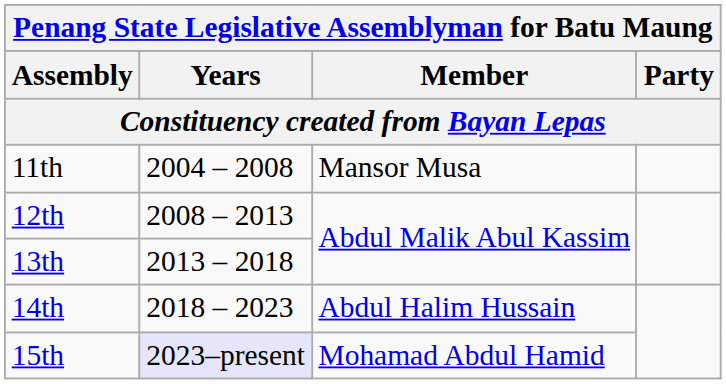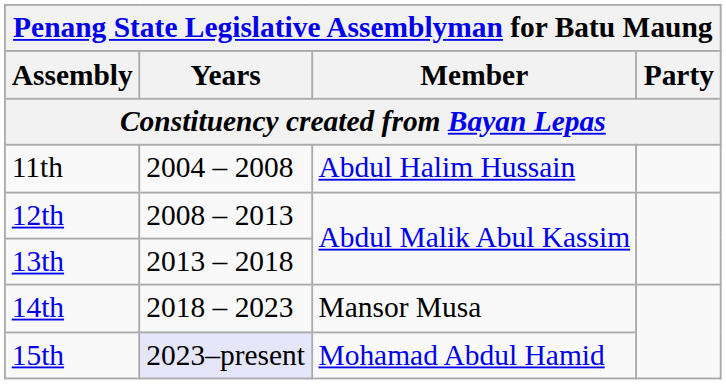 <table class="wikitable">
 <tr>
 <th colspan="4"><a href='#'>Penang State Legislative Assemblyman</a> for Batu Maung</th>
 </tr>
 <tr>
 <th>Assembly</th>
 <th>Years</th>
 <th>Member</th>
 <th>Party</th>
 </tr>
 <tr>
 <th colspan="4" align="center"><em>Constituency created from <a href='#'>Bayan Lepas</a></em></th>
 </tr>
 <tr>
 <td>11th</td>
 <td>2004 – 2008</td>
-<td>Mansor Musa</td>
+<td><a href='#'>Abdul Halim Hussain</a></td>
 <td></td>
 </tr>
 <tr>
 <td><a href='#'>12th</a></td>
 <td>2008 – 2013</td>
 <td rowspan="2"><a href='#'>Abdul Malik Abul Kassim</a></td>
 <td rowspan="2"></td>
 </tr>
 <tr>
 <td><a href='#'>13th</a></td>
 <td>2013 – 2018</td>
 </tr>
 <tr>
 <td><a href='#'>14th</a></td>
 <td>2018 – 2023</td>
-<td><a href='#'>Abdul Halim Hussain</a></td>
+<td>Mansor Musa</td>
 <td rowspan=2></td>
 </tr>
 <tr>
 <td><a href='#'>15th</a></td>
 <td style="background: lavender;">2023–present</td>
 <td><a href='#'>Mohamad Abdul Hamid</a></td>
 </tr>
 </table>
